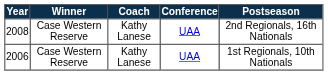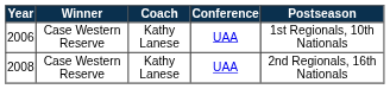 <table bcellpadding="1" border="1" cellspacing="0" style="width:80%;"valign="top">
 <tr>
 <th - style="background:#0A304E; color:white">Year</th>
 <th - style="background:#0A304E; color:white">Winner</th>
 <th - style="background:#0A304E; color:white">Coach</th>
 <th - style="background:#0A304E; color:white">Conference</th>
 <th - style="background:#0A304E; color:white">Postseason</th>
 </tr>
 <tr style="text-align:center;">
+<td>2006</td>
+<td>Case Western Reserve</td>
+<td>Kathy Lanese</td>
+<td><a href='#'>UAA</a></td>
+<td>1st Regionals, 10th Nationals</td>
+</tr>
+<tr style="text-align:center;">
 <td>2008</td>
 <td>Case Western Reserve</td>
 <td>Kathy Lanese</td>
 <td><a href='#'>UAA</a></td>
 <td>2nd Regionals, 16th Nationals</td>
 </tr>
 <tr style="text-align:center;">
-<td>2006</td>
-<td>Case Western Reserve</td>
-<td>Kathy Lanese</td>
-<td><a href='#'>UAA</a></td>
-<td>1st Regionals, 10th Nationals</td>
-</tr>
-<tr style="text-align:center;">
 </tr>
 </table>
